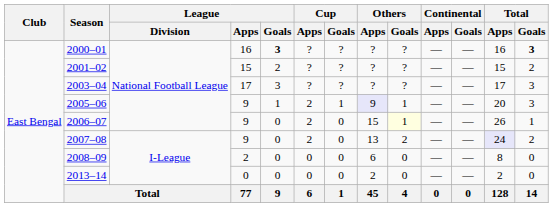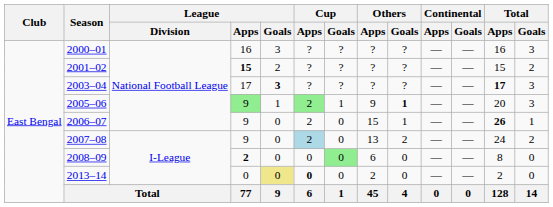 <table class="wikitable" style="text-align: center;">
 <tr>
 <th rowspan="2">Club</th>
 <th rowspan="2">Season</th>
 <th colspan="3">League</th>
 <th colspan="2">Cup</th>
 <th colspan="2">Others</th>
 <th colspan="2">Continental</th>
 <th colspan="2">Total</th>
 </tr>
 <tr>
 <th>Division</th>
 <th>Apps</th>
 <th>Goals</th>
 <th>Apps</th>
 <th>Goals</th>
 <th>Apps</th>
 <th>Goals</th>
 <th>Apps</th>
 <th>Goals</th>
 <th>Apps</th>
 <th>Goals</th>
 </tr>
 <tr>
 <td rowspan="9"><a href='#'>East Bengal</a></td>
 <td><a href='#'>2000–01</a></td>
 <td rowspan="5"><a href='#'>National Football League</a></td>
 <td>16</td>
-<td><strong>3</strong></td>
+<td>3</td>
 <td>?</td>
 <td>?</td>
 <td>?</td>
 <td>?</td>
 <td>—</td>
 <td>—</td>
 <td>16</td>
-<td><strong>3</strong></td>
+<td>3</td>
 </tr>
 <tr>
 <td><a href='#'>2001–02</a></td>
-<td>15</td>
+<td><strong>15</strong></td>
 <td>2</td>
 <td>?</td>
 <td>?</td>
 <td>?</td>
 <td>?</td>
 <td>—</td>
 <td>—</td>
 <td>15</td>
 <td>2</td>
 </tr>
 <tr>
 <td><a href='#'>2003–04</a></td>
 <td>17</td>
-<td>3</td>
+<td><strong>3</strong></td>
 <td>?</td>
 <td>?</td>
 <td>?</td>
 <td>?</td>
 <td>—</td>
 <td>—</td>
-<td>17</td>
+<td><strong>17</strong></td>
 <td>3</td>
 </tr>
 <tr>
 <td><a href='#'>2005–06</a></td>
+<td style="background: lightgreen;">9</td>
+<td>1</td>
+<td style="background: lightgreen;">2</td>
+<td>1</td>
 <td>9</td>
-<td>1</td>
-<td>2</td>
-<td>1</td>
-<td style="background: lavender;">9</td>
-<td>1</td>
+<td><strong>1</strong></td>
 <td>—</td>
 <td>—</td>
 <td>20</td>
 <td>3</td>
 </tr>
 <tr>
 <td><a href='#'>2006–07</a></td>
 <td>9</td>
 <td>0</td>
 <td>2</td>
 <td>0</td>
 <td>15</td>
-<td style="background: lightyellow;">1</td>
+<td>1</td>
 <td>—</td>
 <td>—</td>
-<td>26</td>
+<td><strong>26</strong></td>
 <td>1</td>
 </tr>
 <tr>
 <td><a href='#'>2007–08</a></td>
 <td rowspan="3"><a href='#'>I-League</a></td>
 <td>9</td>
 <td>0</td>
-<td>2</td>
+<td style="background: lightblue;">2</td>
 <td>0</td>
 <td>13</td>
 <td>2</td>
 <td>—</td>
 <td>—</td>
-<td style="background: lavender;">24</td>
+<td>24</td>
 <td>2</td>
 </tr>
 <tr>
 <td><a href='#'>2008–09</a></td>
-<td>2</td>
+<td><strong>2</strong></td>
 <td>0</td>
 <td>0</td>
-<td>0</td>
+<td style="background: lightgreen;">0</td>
 <td>6</td>
 <td>0</td>
 <td>—</td>
 <td>—</td>
 <td>8</td>
 <td>0</td>
 </tr>
 <tr>
 <td><a href='#'>2013–14</a></td>
 <td>0</td>
-<td>0</td>
-<td>0</td>
+<td style="background: khaki;">0</td>
+<td><strong>0</strong></td>
 <td>0</td>
 <td>2</td>
 <td>0</td>
 <td>—</td>
 <td>—</td>
 <td>2</td>
 <td>0</td>
 </tr>
 <tr>
 <th colspan="2">Total</th>
 <th>77</th>
 <th>9</th>
 <th>6</th>
 <th>1</th>
 <th>45</th>
 <th>4</th>
 <th>0</th>
 <th>0</th>
 <th>128</th>
 <th>14</th>
 </tr>
 </table>
